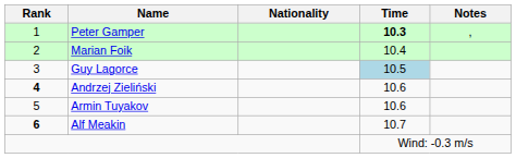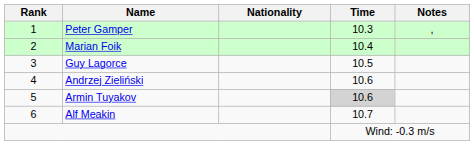 <table class="wikitable sortable" style="text-align:center;width: 55%">
 <tr>
 <th>Rank</th>
 <th>Name</th>
 <th>Nationality</th>
 <th>Time</th>
 <th>Notes</th>
 </tr>
 <tr bgcolor=ccffcc>
 <td>1</td>
 <td align=left><a href='#'>Peter Gamper</a></td>
 <td align=left></td>
-<td><strong>10.3</strong></td>
+<td>10.3</td>
 <td>, </td>
 </tr>
 <tr bgcolor=ccffcc>
 <td>2</td>
 <td align=left><a href='#'>Marian Foik</a></td>
 <td align=left></td>
 <td>10.4</td>
 <td></td>
 </tr>
 <tr>
 <td>3</td>
 <td align=left><a href='#'>Guy Lagorce</a></td>
 <td align=left></td>
-<td style="background: lightblue;">10.5</td>
+<td>10.5</td>
 <td></td>
 </tr>
 <tr>
-<td><strong>4</strong></td>
+<td>4</td>
 <td align=left><a href='#'>Andrzej Zieliński</a></td>
 <td align=left></td>
 <td>10.6</td>
 <td></td>
 </tr>
 <tr>
 <td>5</td>
 <td align=left><a href='#'>Armin Tuyakov</a></td>
 <td align=left></td>
-<td>10.6</td>
+<td style="background: lightgrey;">10.6</td>
 <td></td>
 </tr>
 <tr>
-<td><strong>6</strong></td>
+<td>6</td>
 <td align=left><a href='#'>Alf Meakin</a></td>
 <td align=left></td>
 <td>10.7</td>
 <td></td>
 </tr>
 <tr>
 <td colspan="3"></td>
 <td colspan="2">Wind: -0.3 m/s</td>
 </tr>
 </table>
